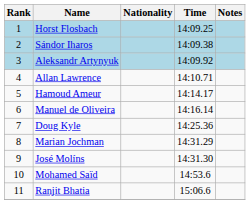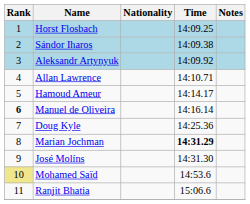 <table class="wikitable sortable" style="text-align:center">
 <tr>
 <th>Rank</th>
 <th>Name</th>
 <th>Nationality</th>
 <th>Time</th>
 <th>Notes</th>
 </tr>
 <tr bgcolor=lightblue>
 <td>1</td>
 <td align=left><a href='#'>Horst Flosbach</a></td>
 <td align=left></td>
 <td>14:09.25</td>
 <td></td>
 </tr>
 <tr bgcolor=lightblue>
 <td>2</td>
 <td align=left><a href='#'>Sándor Iharos</a></td>
 <td align=left></td>
 <td>14:09.38</td>
 <td></td>
 </tr>
 <tr bgcolor=lightblue>
 <td>3</td>
 <td align=left><a href='#'>Aleksandr Artynyuk</a></td>
 <td align=left></td>
 <td>14:09.92</td>
 <td></td>
 </tr>
 <tr>
 <td>4</td>
 <td align=left><a href='#'>Allan Lawrence</a></td>
 <td align=left></td>
 <td>14:10.71</td>
 <td></td>
 </tr>
 <tr>
 <td>5</td>
 <td align=left><a href='#'>Hamoud Ameur</a></td>
 <td align=left></td>
 <td>14:14.17</td>
 <td></td>
 </tr>
 <tr>
-<td>6</td>
+<td><strong>6</strong></td>
 <td align=left><a href='#'>Manuel de Oliveira</a></td>
 <td align=left></td>
 <td>14:16.14</td>
 <td></td>
 </tr>
 <tr>
 <td>7</td>
 <td align=left><a href='#'>Doug Kyle</a></td>
 <td align=left></td>
 <td>14:25.36</td>
 <td></td>
 </tr>
 <tr>
 <td>8</td>
 <td align=left><a href='#'>Marian Jochman</a></td>
 <td align=left></td>
-<td>14:31.29</td>
+<td><strong>14:31.29</strong></td>
 <td></td>
 </tr>
 <tr>
 <td>9</td>
 <td align=left><a href='#'>José Molíns</a></td>
 <td align=left></td>
 <td>14:31.30</td>
 <td></td>
 </tr>
 <tr>
-<td>10</td>
+<td style="background: khaki;">10</td>
 <td align=left><a href='#'>Mohamed Saïd</a></td>
 <td align=left></td>
 <td>14:53.6</td>
 <td></td>
 </tr>
 <tr>
 <td>11</td>
 <td align=left><a href='#'>Ranjit Bhatia</a></td>
 <td align=left></td>
 <td>15:06.6</td>
 <td></td>
 </tr>
 <tr>
 </tr>
 </table>
